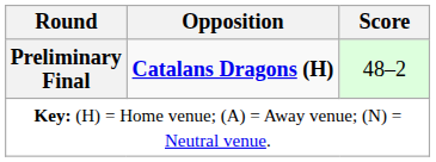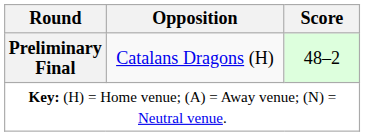 <table class="wikitable plainrowheaders" style="text-align:center;margin-left:1em;">
 <tr>
 <th width="25">Round</th>
 <th width="150">Opposition</th>
 <th width="60">Score</th>
 </tr>
 <tr>
 <th scope=row style="text-align:center">Preliminary Final</th>
-<td><strong> <a href='#'>Catalans Dragons</a> (H)</strong></td>
+<td> <a href='#'>Catalans Dragons</a> (H)</td>
 <td bgcolor=DDFFDD>48–2</td>
 </tr>
 <tr>
 <td colspan="3" style="background-color:white;"><small><strong>Key:</strong> (H) = Home venue; (A) = Away venue; (N) = <a href='#'>Neutral venue</a>.</small></td>
 </tr>
 </table>
